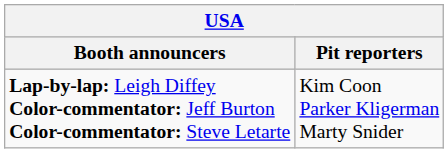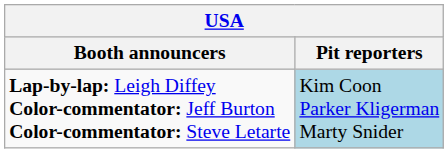 <table class="wikitable" style="font-size: 95%">
 <tr>
 <th colspan="2"><a href='#'>USA</a></th>
 </tr>
 <tr>
 <th>Booth announcers</th>
 <th>Pit reporters</th>
 </tr>
 <tr>
 <td><strong>Lap-by-lap:</strong> <a href='#'>Leigh Diffey</a><br><strong>Color-commentator:</strong> <a href='#'>Jeff Burton</a><br><strong>Color-commentator:</strong> <a href='#'>Steve Letarte</a></td>
-<td>Kim Coon<br><a href='#'>Parker Kligerman</a><br>Marty Snider</td>
+<td style="background: lightblue;">Kim Coon<br><a href='#'>Parker Kligerman</a><br>Marty Snider</td>
 </tr>
 </table>
